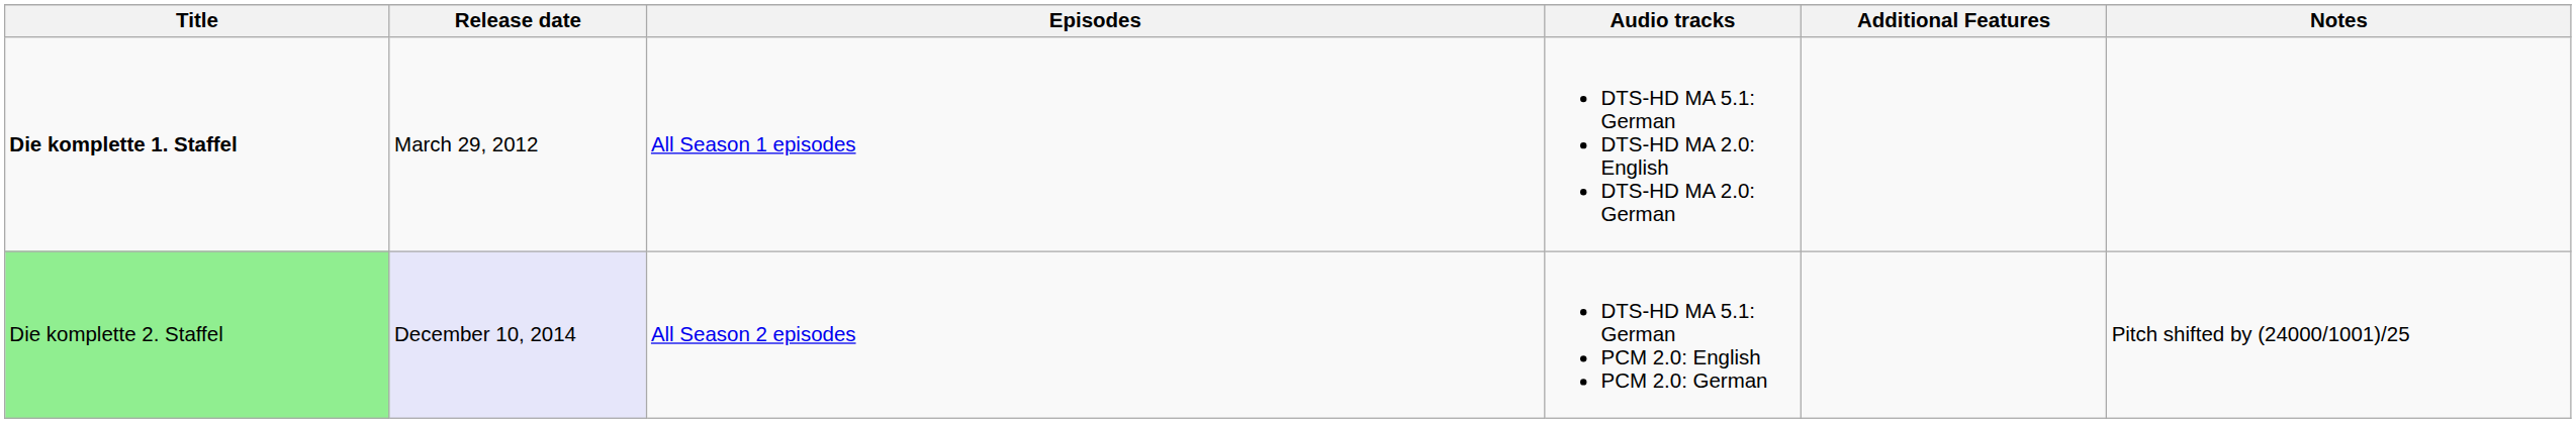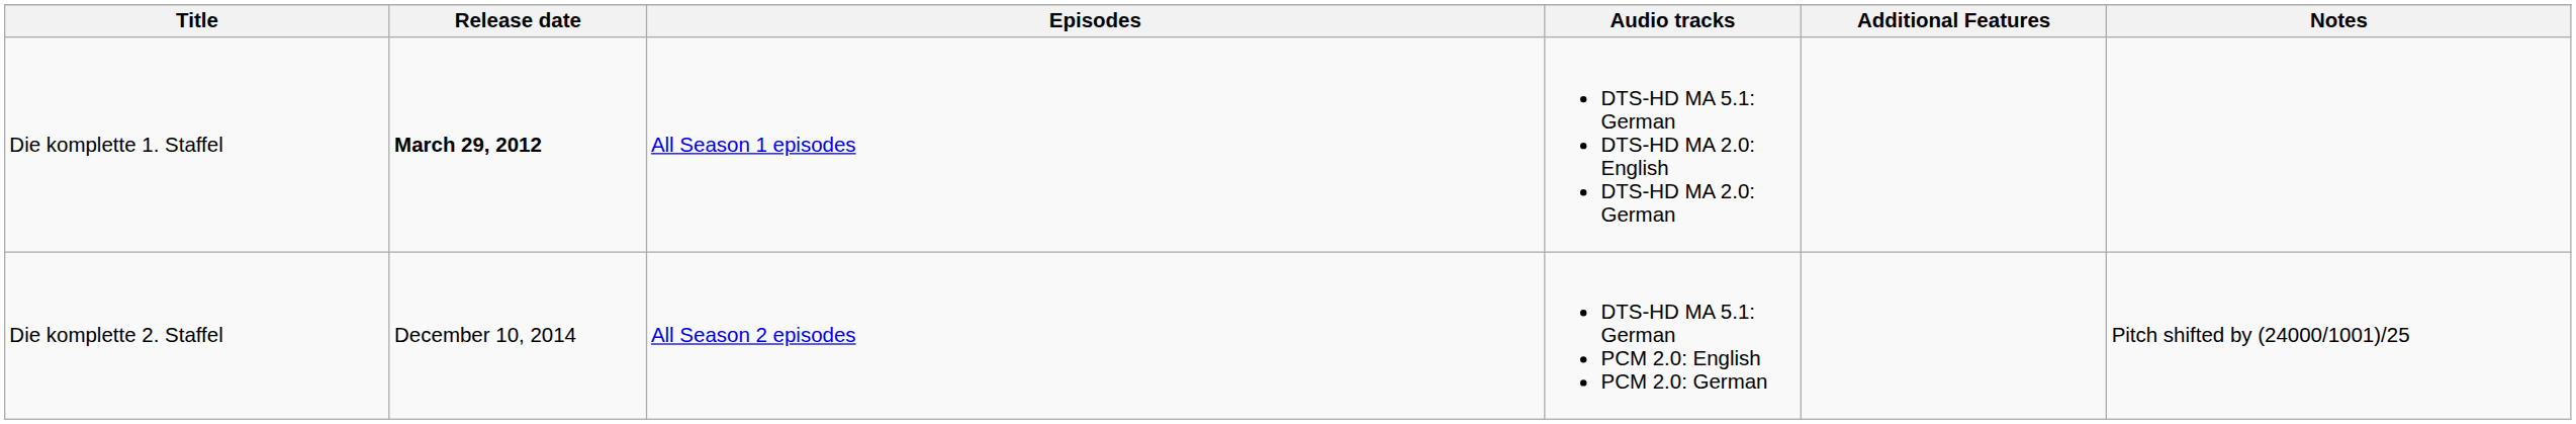 <table class="wikitable" style="width: 100%;">
 <tr>
 </tr>
 <tr>
 <th style="width:15%;">Title</th>
 <th style="width:10%;">Release date</th>
 <th style="width:35%;">Episodes</th>
 <th style="width:10%;">Audio tracks</th>
 <th>Additional Features</th>
 <th>Notes</th>
 </tr>
 <tr>
-<td><strong>Die komplette 1. Staffel</strong></td>
-<td>March 29, 2012</td>
+<td>Die komplette 1. Staffel</td>
+<td><strong>March 29, 2012</strong></td>
 <td><a href='#'>All Season 1 episodes</a></td>
 <td><br><ul><li>DTS-HD MA 5.1: German</li><li>DTS-HD MA 2.0: English</li><li>DTS-HD MA 2.0: German</li></ul></td>
 <td></td>
 <td></td>
 </tr>
 <tr>
-<td style="background: lightgreen;">Die komplette 2. Staffel</td>
-<td style="background: lavender;">December 10, 2014</td>
+<td>Die komplette 2. Staffel</td>
+<td>December 10, 2014</td>
 <td><a href='#'>All Season 2 episodes</a></td>
 <td><br><ul><li>DTS-HD MA 5.1: German</li><li>PCM 2.0: English</li><li>PCM 2.0: German</li></ul></td>
 <td></td>
 <td>Pitch shifted by (24000/1001)/25</td>
 </tr>
 </table>
